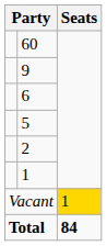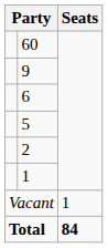 <table class="wikitable">
 <tr>
 <th colspan=2>Party</th>
 <th>Seats</th>
 </tr>
 <tr>
 <td></td>
 <td>60</td>
 </tr>
 <tr>
 <td></td>
 <td>9</td>
 </tr>
 <tr>
 <td></td>
 <td>6</td>
 </tr>
 <tr>
 <td></td>
 <td>5</td>
 </tr>
 <tr>
 <td></td>
 <td>2</td>
 </tr>
 <tr>
 <td></td>
 <td>1</td>
 </tr>
 <tr>
 <td colspan="2"><em>Vacant</em></td>
-<td style="background: gold;">1</td>
+<td>1</td>
 </tr>
 <tr>
 <td colspan="2"><strong>Total</strong></td>
 <td><strong>84</strong></td>
 </tr>
 </table>
